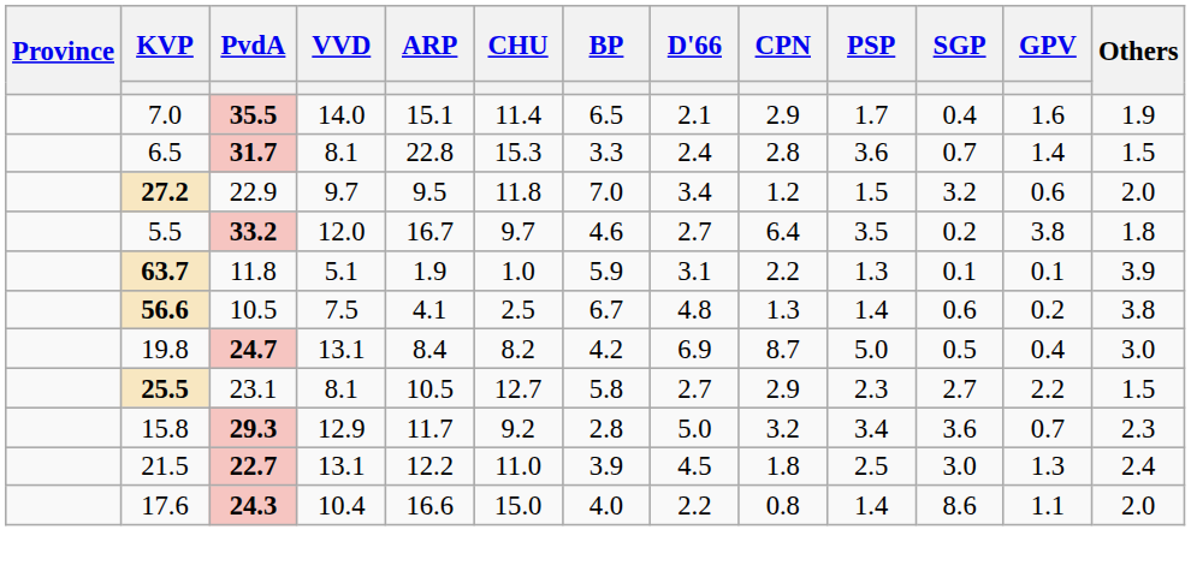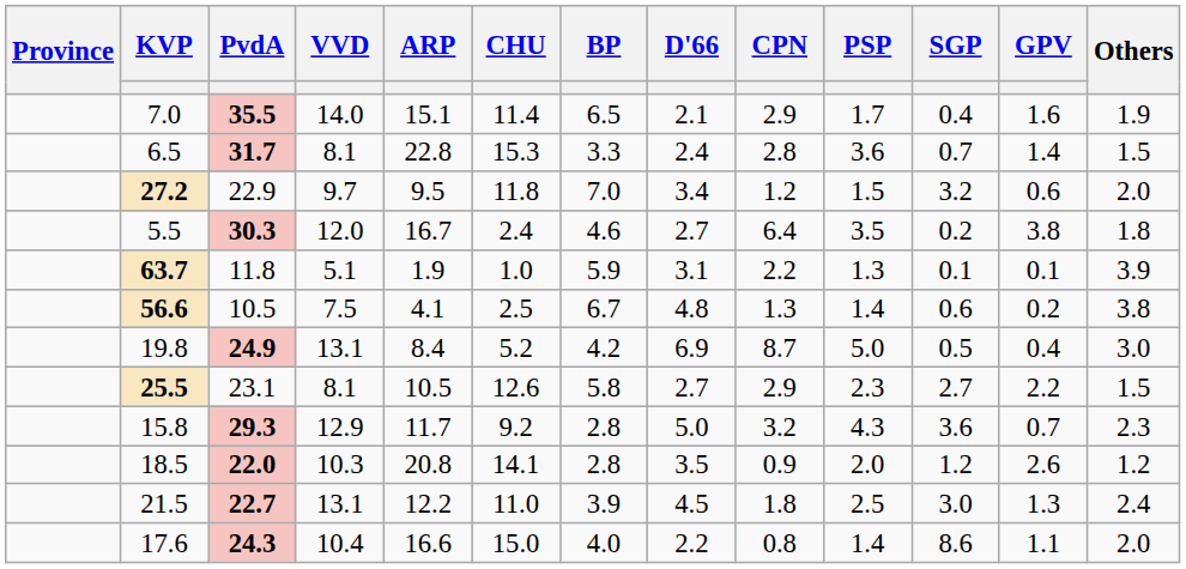 <table class="wikitable sortable" style="text-align:center;font-size:90%;line-height:14px">
 <tr style="height:40px;">
 <th rowspan="2"><a href='#'>Province</a></th>
 <th style="width:40px;"><a href='#'>KVP</a></th>
 <th style="width:40px;"><a href='#'>PvdA</a></th>
 <th style="width:40px;"><a href='#'>VVD</a></th>
 <th style="width:40px;"><a href='#'>ARP</a></th>
 <th style="width:40px;"><a href='#'>CHU</a></th>
 <th style="width:40px;"><a href='#'>BP</a></th>
 <th style="width:40px;"><a href='#'>D'66</a></th>
 <th style="width:40px;"><a href='#'>CPN</a></th>
 <th style="width:40px;"><a href='#'>PSP</a></th>
 <th style="width:40px;"><a href='#'>SGP</a></th>
 <th style="width:40px;"><a href='#'>GPV</a></th>
 <th style="width:40px;" rowspan="2">Others</th>
 </tr>
 <tr>
 <th style="background:"></th>
 <th style="background:"></th>
 <th style="background:"></th>
 <th style="background:"></th>
 <th style="background:"></th>
 <th style="background:"></th>
 <th style="background:"></th>
 <th style="background:"></th>
 <th style="background:"></th>
 <th style="background:"></th>
 <th style="background:"></th>
 </tr>
 <tr>
 <td align="left"></td>
 <td>7.0</td>
 <td style="background:#F6C5C1;"><strong>35.5</strong></td>
 <td>14.0</td>
 <td>15.1</td>
 <td>11.4</td>
 <td>6.5</td>
 <td>2.1</td>
 <td>2.9</td>
 <td>1.7</td>
 <td>0.4</td>
 <td>1.6</td>
 <td>1.9</td>
 </tr>
 <tr>
 <td align="left"></td>
 <td>6.5</td>
 <td style="background:#F6C5C1;"><strong>31.7</strong></td>
 <td>8.1</td>
 <td>22.8</td>
 <td>15.3</td>
 <td>3.3</td>
 <td>2.4</td>
 <td>2.8</td>
 <td>3.6</td>
 <td>0.7</td>
 <td>1.4</td>
 <td>1.5</td>
 </tr>
 <tr>
 <td align="left"></td>
 <td style="background:#f8e7c1;"><strong>27.2</strong></td>
 <td>22.9</td>
 <td>9.7</td>
 <td>9.5</td>
 <td>11.8</td>
 <td>7.0</td>
 <td>3.4</td>
 <td>1.2</td>
 <td>1.5</td>
 <td>3.2</td>
 <td>0.6</td>
 <td>2.0</td>
 </tr>
 <tr>
 <td align="left"></td>
 <td>5.5</td>
-<td style="background:#F6C5C1;"><strong>33.2</strong></td>
+<td style="background:#F6C5C1;"><strong>30.3</strong></td>
 <td>12.0</td>
 <td>16.7</td>
-<td>9.7</td>
+<td>2.4</td>
 <td>4.6</td>
 <td>2.7</td>
 <td>6.4</td>
 <td>3.5</td>
 <td>0.2</td>
 <td>3.8</td>
 <td>1.8</td>
 </tr>
 <tr>
 <td align="left"></td>
 <td style="background:#f8e7c1;"><strong>63.7</strong></td>
 <td>11.8</td>
 <td>5.1</td>
 <td>1.9</td>
 <td>1.0</td>
 <td>5.9</td>
 <td>3.1</td>
 <td>2.2</td>
 <td>1.3</td>
 <td>0.1</td>
 <td>0.1</td>
 <td>3.9</td>
 </tr>
 <tr>
 <td align="left"></td>
 <td style="background:#f8e7c1;"><strong>56.6</strong></td>
 <td>10.5</td>
 <td>7.5</td>
 <td>4.1</td>
 <td>2.5</td>
 <td>6.7</td>
 <td>4.8</td>
 <td>1.3</td>
 <td>1.4</td>
 <td>0.6</td>
 <td>0.2</td>
 <td>3.8</td>
 </tr>
 <tr>
 <td align="left"></td>
 <td>19.8</td>
-<td style="background:#F6C5C1;"><strong>24.7</strong></td>
+<td style="background:#F6C5C1;"><strong>24.9</strong></td>
 <td>13.1</td>
 <td>8.4</td>
-<td>8.2</td>
+<td>5.2</td>
 <td>4.2</td>
 <td>6.9</td>
 <td>8.7</td>
 <td>5.0</td>
 <td>0.5</td>
 <td>0.4</td>
 <td>3.0</td>
 </tr>
 <tr>
 <td align="left"></td>
 <td style="background:#f8e7c1;"><strong>25.5</strong></td>
 <td>23.1</td>
 <td>8.1</td>
 <td>10.5</td>
-<td>12.7</td>
+<td>12.6</td>
 <td>5.8</td>
 <td>2.7</td>
 <td>2.9</td>
 <td>2.3</td>
 <td>2.7</td>
 <td>2.2</td>
 <td>1.5</td>
 </tr>
 <tr>
 <td align="left"></td>
 <td>15.8</td>
 <td style="background:#F6C5C1;"><strong>29.3</strong></td>
 <td>12.9</td>
 <td>11.7</td>
 <td>9.2</td>
 <td>2.8</td>
 <td>5.0</td>
 <td>3.2</td>
-<td>3.4</td>
+<td>4.3</td>
 <td>3.6</td>
 <td>0.7</td>
 <td>2.3</td>
+</tr>
+<tr>
+<td align="left"></td>
+<td>18.5</td>
+<td style="background:#F6C5C1;"><strong>22.0</strong></td>
+<td>10.3</td>
+<td>20.8</td>
+<td>14.1</td>
+<td>2.8</td>
+<td>3.5</td>
+<td>0.9</td>
+<td>2.0</td>
+<td>1.2</td>
+<td>2.6</td>
+<td>1.2</td>
 </tr>
 <tr>
 <td align="left"></td>
 <td>21.5</td>
 <td style="background:#F6C5C1;"><strong>22.7</strong></td>
 <td>13.1</td>
 <td>12.2</td>
 <td>11.0</td>
 <td>3.9</td>
 <td>4.5</td>
 <td>1.8</td>
 <td>2.5</td>
 <td>3.0</td>
 <td>1.3</td>
 <td>2.4</td>
 </tr>
 <tr>
 <td align="left"></td>
 <td>17.6</td>
 <td style="background:#F6C5C1;"><strong>24.3</strong></td>
 <td>10.4</td>
 <td>16.6</td>
 <td>15.0</td>
 <td>4.0</td>
 <td>2.2</td>
 <td>0.8</td>
 <td>1.4</td>
 <td>8.6</td>
 <td>1.1</td>
 <td>2.0</td>
 </tr>
 </table>
